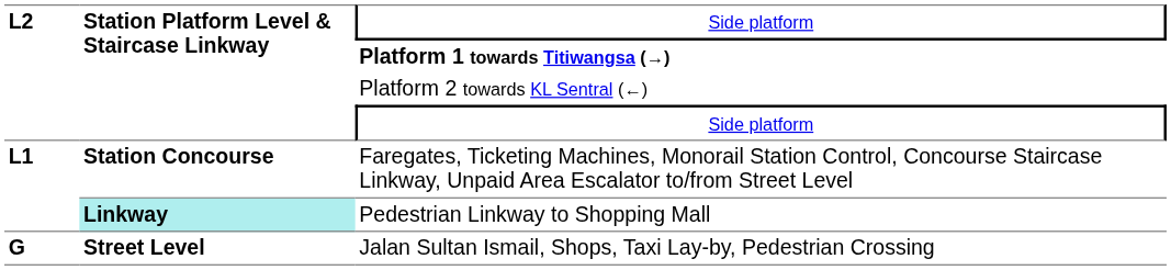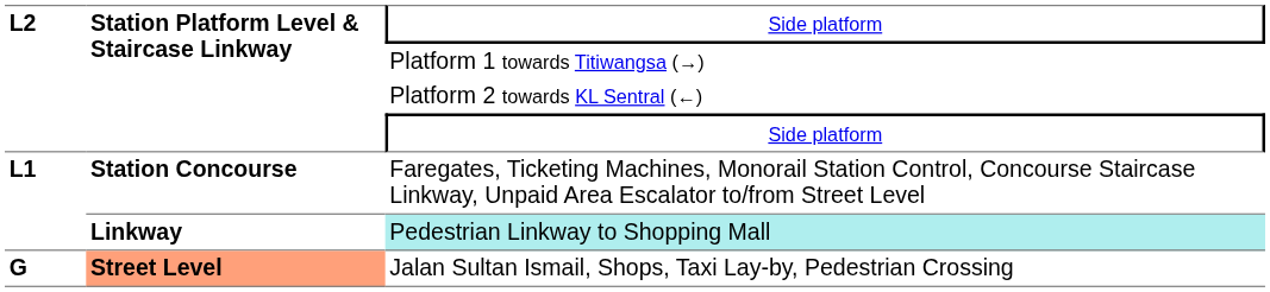 <table border="0" cellspacing="0" cellpadding="3" table>
 <tr>
 <td rowspan="4" style="border-top:solid 1px gray; border-bottom:solid 1px gray; width:50px; vertical-align:top;"><strong>L2</strong></td>
 <td rowspan="4" style="border-top:solid 1px gray; border-bottom:solid 1px gray; width:200px; vertical-align:top;"><strong>Station Platform Level & Staircase Linkway</strong></td>
 <td style="border-top:solid 1px gray; border-right:solid 2px black; border-left:solid 2px black; border-bottom:solid 2px black;text-align:center;"><small><a href='#'>Side platform</a></small></td>
 </tr>
 <tr>
-<td width="600"><strong>Platform 1   <small> towards  <a href='#'>Titiwangsa</a> (→)</small></strong></td>
+<td width="600">Platform 1   <small> towards  <a href='#'>Titiwangsa</a> (→)</small></td>
 </tr>
 <tr>
 <td width="600">Platform 2   <small> towards  <a href='#'>KL Sentral</a> (←)</small></td>
 </tr>
 <tr>
 <td style="border-top:solid 2px black; border-right:solid 2px black; border-left:solid 2px black; border-bottom:solid 1px gray;text-align:center;"><small><a href='#'>Side platform</a></small></td>
 </tr>
 <tr style="vertical-align:top;">
 <td rowspan="2" style="border-bottom:solid 1px gray; "><strong>L1</strong></td>
 <td style="width:100px; border-bottom:solid 1px gray; "><strong>Station Concourse</strong></td>
 <td style="width:400px; border-bottom:solid 1px gray; ">Faregates, Ticketing Machines, Monorail Station Control, Concourse Staircase Linkway, Unpaid Area Escalator to/from Street Level</td>
 </tr>
 <tr style="vertical-align:top;">
-<td style="background: paleturquoise; width:100px; border-bottom:solid 1px gray; "><strong>Linkway</strong></td>
-<td style="width:400px; border-bottom:solid 1px gray; ">Pedestrian Linkway to Shopping Mall</td>
+<td style="width:100px; border-bottom:solid 1px gray; "><strong>Linkway</strong></td>
+<td style="background: paleturquoise; width:400px; border-bottom:solid 1px gray; ">Pedestrian Linkway to Shopping Mall</td>
 </tr>
 <tr style="vertical-align:top;">
 <td rowspan="2" style="border-bottom:solid 1px gray; "><strong>G</strong></td>
-<td style="width:200px; border-bottom:solid 1px gray; "><strong>Street Level</strong></td>
+<td style="background: lightsalmon; width:200px; border-bottom:solid 1px gray; "><strong>Street Level</strong></td>
 <td style="width:400px; border-bottom:solid 1px gray; ">Jalan Sultan Ismail, Shops, Taxi Lay-by, Pedestrian Crossing</td>
 </tr>
 </table>
